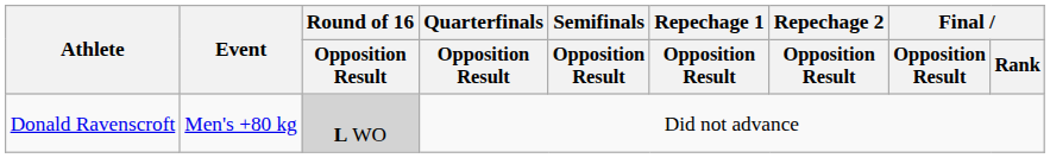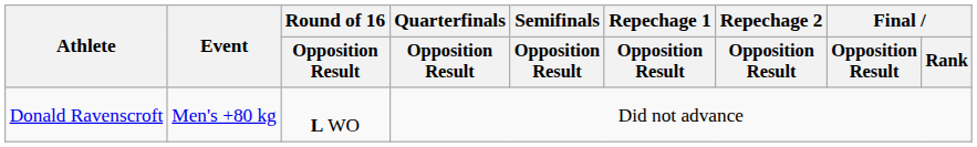 <table class="wikitable" style="font-size:90%;">
 <tr>
 <th rowspan=2>Athlete</th>
 <th rowspan=2>Event</th>
 <th>Round of 16</th>
 <th>Quarterfinals</th>
 <th>Semifinals</th>
 <th>Repechage 1</th>
 <th>Repechage 2</th>
 <th colspan=2>Final / </th>
 </tr>
 <tr style="font-size:95%">
 <th>Opposition<br>Result</th>
 <th>Opposition<br>Result</th>
 <th>Opposition<br>Result</th>
 <th>Opposition<br>Result</th>
 <th>Opposition<br>Result</th>
 <th>Opposition<br>Result</th>
 <th>Rank</th>
 </tr>
 <tr align=center>
 <td align=left><a href='#'>Donald Ravenscroft</a></td>
 <td align=left><a href='#'>Men's +80 kg</a></td>
-<td style="background: lightgrey;"><br><strong>L</strong> WO</td>
+<td><br><strong>L</strong> WO</td>
 <td colspan=6>Did not advance</td>
 </tr>
 </table>
